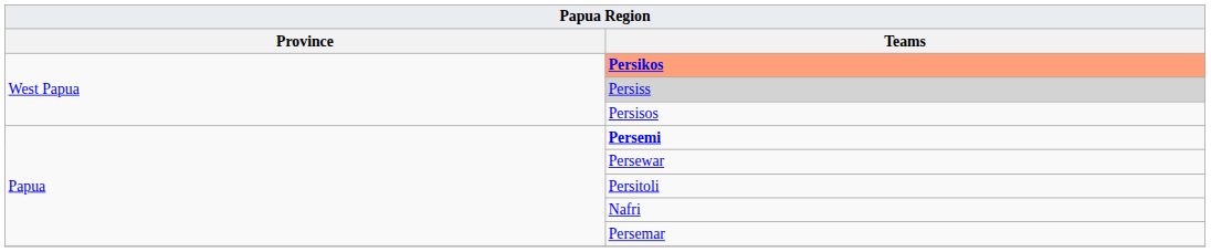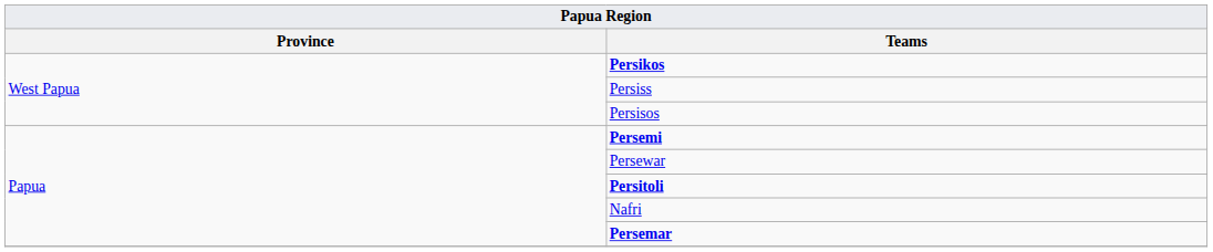 <table class="wikitable sortable" style="width:100%;">
 <tr>
 <th colspan=2 style="background-color:#eaecf0;text-align:center;"><strong>Papua Region</strong></th>
 </tr>
 <tr>
 <th style="width:50%;">Province</th>
 <th style="width:50%;">Teams</th>
 </tr>
 <tr>
 <td rowspan=3> <a href='#'>West Papua</a></td>
-<td style="background: lightsalmon;"><strong><a href='#'>Persikos</a></strong></td>
+<td><strong><a href='#'>Persikos</a></strong></td>
 </tr>
 <tr>
-<td style="background: lightgrey;"><a href='#'>Persiss</a></td>
+<td><a href='#'>Persiss</a></td>
 </tr>
 <tr>
 <td><a href='#'>Persisos</a></td>
 </tr>
 <tr>
 <td rowspan=5> <a href='#'>Papua</a></td>
 <td><strong><a href='#'>Persemi</a></strong></td>
 </tr>
 <tr>
 <td><a href='#'>Persewar</a></td>
 </tr>
 <tr>
-<td><a href='#'>Persitoli</a></td>
+<td><strong><a href='#'>Persitoli</a></strong></td>
 </tr>
 <tr>
 <td><a href='#'>Nafri</a></td>
 </tr>
 <tr>
-<td><a href='#'>Persemar</a></td>
+<td><strong><a href='#'>Persemar</a></strong></td>
 </tr>
 <tr>
 </tr>
 </table>
